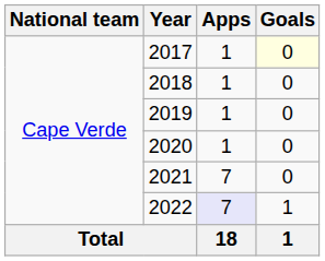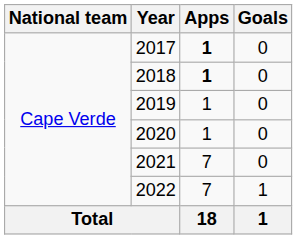 <table class="wikitable" style="text-align:center">
 <tr>
 <th>National team</th>
 <th>Year</th>
 <th>Apps</th>
 <th>Goals</th>
 </tr>
 <tr>
 <td rowspan="6"><a href='#'>Cape Verde</a></td>
 <td>2017</td>
-<td>1</td>
-<td style="background: lightyellow;">0</td>
+<td><strong>1</strong></td>
+<td>0</td>
 </tr>
 <tr>
 <td>2018</td>
-<td>1</td>
+<td><strong>1</strong></td>
 <td>0</td>
 </tr>
 <tr>
 <td>2019</td>
 <td>1</td>
 <td>0</td>
 </tr>
 <tr>
 <td>2020</td>
 <td>1</td>
 <td>0</td>
 </tr>
 <tr>
 <td>2021</td>
 <td>7</td>
 <td>0</td>
 </tr>
 <tr>
 <td>2022</td>
-<td style="background: lavender;">7</td>
+<td>7</td>
 <td>1</td>
 </tr>
 <tr>
 <th colspan="2">Total</th>
 <th>18</th>
 <th>1</th>
 </tr>
 </table>
